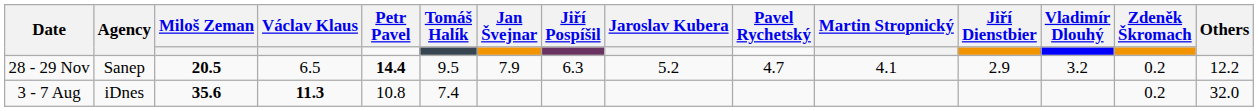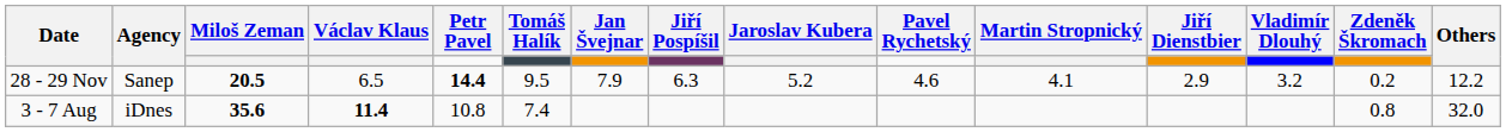 <table class="wikitable collapsible collapsed" style=text-align:center;font-size:85%;line-height:14px;">
 <tr>
 <th rowspan="2">Date</th>
 <th rowspan="2">Agency</th>
 <th><a href='#'>Miloš Zeman</a></th>
 <th><a href='#'>Václav Klaus</a></th>
 <th><a href='#'>Petr Pavel</a></th>
 <th><a href='#'>Tomáš Halík</a></th>
 <th><a href='#'>Jan Švejnar</a></th>
 <th><a href='#'>Jiří Pospíšil</a></th>
 <th><a href='#'>Jaroslav Kubera</a></th>
 <th><a href='#'>Pavel Rychetský</a></th>
 <th><a href='#'>Martin Stropnický</a></th>
 <th><a href='#'>Jiří Dienstbier</a></th>
 <th><a href='#'>Vladimír Dlouhý</a></th>
 <th><a href='#'>Zdeněk Škromach</a></th>
 <th rowspan="2">Others</th>
 </tr>
 <tr>
 <th style="background:"></th>
 <th style="background:"></th>
 <th style="background:#0000; width:40px;"></th>
 <th style="background:#36454F; width:40px;"></th>
 <th style="background:#F29400; width:40px;"></th>
 <th style="background:#6b3362; width:40px;"></th>
 <th style="background:"></th>
 <th style="background:#0000; width:40px;"></th>
 <th style="background:"></th>
 <th style="background:#F29400; width:40px;"></th>
 <th style="background:#0000FF; width:40px;"></th>
 <th style="background:#F29400; width:40px;"></th>
 </tr>
 <tr>
 <td>28 - 29 Nov</td>
 <td>Sanep</td>
 <td><strong>20.5</strong></td>
 <td>6.5</td>
 <td><strong>14.4</strong></td>
 <td>9.5</td>
 <td>7.9</td>
 <td>6.3</td>
 <td>5.2</td>
-<td>4.7</td>
+<td>4.6</td>
 <td>4.1</td>
 <td>2.9</td>
 <td>3.2</td>
 <td>0.2</td>
 <td>12.2</td>
 </tr>
 <tr>
 <td>3 - 7 Aug</td>
 <td>iDnes</td>
 <td><strong>35.6</strong></td>
-<td><strong>11.3</strong></td>
+<td><strong>11.4</strong></td>
 <td>10.8</td>
 <td>7.4</td>
 <td></td>
 <td></td>
 <td></td>
 <td></td>
 <td></td>
 <td></td>
 <td></td>
-<td>0.2</td>
+<td>0.8</td>
 <td>32.0</td>
 </tr>
 </table>
